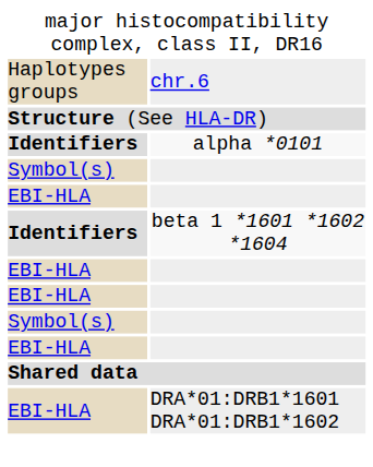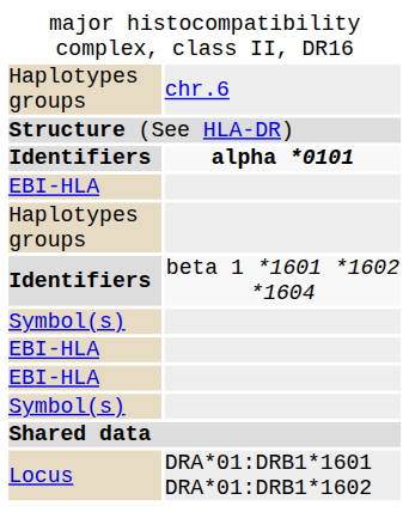 <table id="drugInfoBox" style="float: right; clear: right; margin: 0 0 0.5em 1em; background: #ffffff;" class="toccolours" border=0 cellpadding=0 align=right width="240px">
 <tr>
 <td align="center" colspan="2"></td>
 </tr>
 <tr>
 <td align="center" colspan="2"><div>major histocompatibility complex, class II, DR16</div></td>
 </tr>
 <tr>
 <td bgcolor="#e7dcc3">Haplotypes groups</td>
 <td bgcolor="#eeeeee"><a href='#'>chr.6</a> <em></em></td>
 </tr>
 <tr>
 <td colspan="2" bgcolor="#dddddd"><strong>Structure</strong> (See <a href='#'>HLA-DR</a>)</td>
 </tr>
 <tr style="background:#f8f8f8">
 <td bgcolor="#dddddd"><strong>Identifiers</strong></td>
-<td align="center"><div>alpha <em>*0101</em></div></td>
-</tr>
-<tr>
-<td bgcolor="#e7dcc3"><a href='#'>Symbol(s)</a></td>
-<td bgcolor="#eeeeee"></td>
+<td align="center"><strong><div>alpha <em>*0101</em></div></strong></td>
 </tr>
 <tr>
 <td bgcolor="#e7dcc3"><a href='#'>EBI-HLA</a></td>
 <td bgcolor="#eeeeee"></td>
 </tr>
+<tr>
+<td bgcolor="#e7dcc3">Haplotypes groups</td>
+<td bgcolor="#eeeeee"></td>
+</tr>
 <tr style="background:#f8f8f8">
 <td bgcolor="#dddddd"><strong>Identifiers</strong></td>
 <td align="center"><div>beta 1 <em>*1601</em> <em>*1602</em> <em>*1604</em> </div></td>
+</tr>
+<tr>
+<td bgcolor="#e7dcc3"><a href='#'>Symbol(s)</a></td>
+<td bgcolor="#eeeeee"></td>
 </tr>
 <tr>
 <td bgcolor="#e7dcc3"><a href='#'>EBI-HLA</a></td>
 <td bgcolor="#eeeeee"></td>
 </tr>
 <tr>
 <td bgcolor="#e7dcc3"><a href='#'>EBI-HLA</a></td>
 <td bgcolor="#eeeeee"></td>
 </tr>
 <tr>
 <td bgcolor="#e7dcc3"><a href='#'>Symbol(s)</a></td>
 <td bgcolor="#eeeeee"></td>
 </tr>
 <tr>
-<td bgcolor="#e7dcc3"><a href='#'>EBI-HLA</a></td>
-<td bgcolor="#eeeeee"></td>
-</tr>
-<tr>
 <td colspan="2" bgcolor="#dddddd"><strong>Shared data</strong></td>
 </tr>
 <tr>
-<td bgcolor="#e7dcc3"><a href='#'>EBI-HLA</a></td>
+<td bgcolor="#e7dcc3"><a href='#'>Locus</a></td>
 <td bgcolor="#eeeeee">DRA*01:DRB1*1601 DRA*01:DRB1*1602</td>
 </tr>
 <tr>
 </tr>
 </table>
